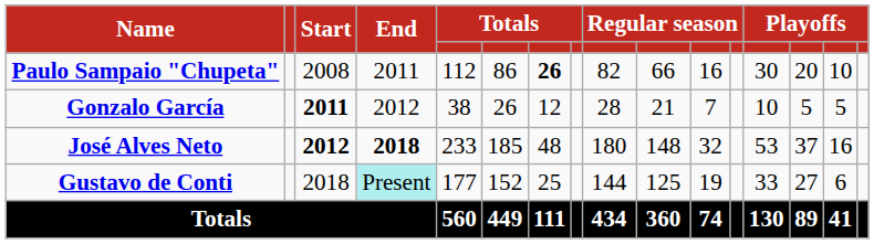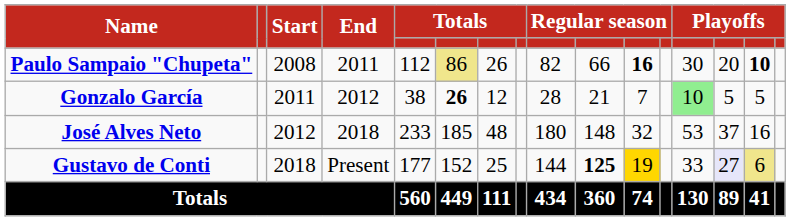 <table class="wikitable" style="clear:both; margin:1.5em auto; text-align:center;">
 <tr>
 <th style="background:#C3281E; color:white;" rowspan="2">Name</th>
 <th style="background:#C3281E; color:white;" rowspan="2"></th>
 <th style="background:#C3281E; color:white;" rowspan="2">Start</th>
 <th style="background:#C3281E; color:white;" rowspan="2">End</th>
 <th style="background:#C3281E; color:white;" colspan="4">Totals</th>
 <th style="background:#C3281E; color:white;" colspan="4">Regular season</th>
 <th style="background:#C3281E; color:white;" colspan="4">Playoffs</th>
 </tr>
 <tr>
 <th style="background:#C3281E; color:white;"></th>
 <th style="background:#C3281E; color:white;"></th>
 <th style="background:#C3281E; color:white;"></th>
 <th style="background:#C3281E; color:white;"></th>
 <th style="background:#C3281E; color:white;"></th>
 <th style="background:#C3281E; color:white;"></th>
 <th style="background:#C3281E; color:white;"></th>
 <th style="background:#C3281E; color:white;"></th>
 <th style="background:#C3281E; color:white;"></th>
 <th style="background:#C3281E; color:white;"></th>
 <th style="background:#C3281E; color:white;"></th>
 <th style="background:#C3281E; color:white;"></th>
 </tr>
 <tr>
 <td><strong><a href='#'>Paulo Sampaio "Chupeta"</a></strong></td>
 <td></td>
 <td>2008</td>
 <td>2011</td>
 <td>112</td>
-<td>86</td>
-<td><strong>26</strong></td>
+<td style="background: khaki;">86</td>
+<td>26</td>
 <td></td>
 <td>82</td>
 <td>66</td>
-<td>16</td>
+<td><strong>16</strong></td>
 <td></td>
 <td>30</td>
 <td>20</td>
-<td>10</td>
+<td><strong>10</strong></td>
 <td></td>
 </tr>
 <tr>
 <td><strong><a href='#'>Gonzalo García</a></strong></td>
 <td></td>
-<td><strong>2011</strong></td>
+<td>2011</td>
 <td>2012</td>
 <td>38</td>
-<td>26</td>
+<td><strong>26</strong></td>
 <td>12</td>
 <td></td>
 <td>28</td>
 <td>21</td>
 <td>7</td>
 <td></td>
-<td>10</td>
+<td style="background: lightgreen;">10</td>
 <td>5</td>
 <td>5</td>
 <td></td>
 </tr>
 <tr>
 <td><strong><a href='#'>José Alves Neto</a></strong></td>
 <td></td>
-<td><strong>2012</strong></td>
-<td><strong>2018</strong></td>
+<td>2012</td>
+<td>2018</td>
 <td>233</td>
 <td>185</td>
 <td>48</td>
 <td></td>
 <td>180</td>
 <td>148</td>
 <td>32</td>
 <td></td>
 <td>53</td>
 <td>37</td>
 <td>16</td>
 <td></td>
 </tr>
 <tr>
 <td><strong><a href='#'>Gustavo de Conti</a></strong></td>
 <td></td>
 <td>2018</td>
-<td style="background: paleturquoise;">Present</td>
+<td>Present</td>
 <td>177</td>
 <td>152</td>
 <td>25</td>
 <td></td>
 <td>144</td>
-<td>125</td>
-<td>19</td>
+<td><strong>125</strong></td>
+<td style="background: gold;">19</td>
 <td></td>
 <td>33</td>
-<td>27</td>
-<td>6</td>
+<td style="background: lavender;">27</td>
+<td style="background: khaki;">6</td>
 <td></td>
 </tr>
 <tr>
 <th style="background:black; color:white;" colspan="4"><strong>Totals</strong></th>
 <th style="background:black; color:white;">560</th>
 <th style="background:black; color:white;">449</th>
 <th style="background:black; color:white;">111</th>
 <th style="background:black; color:white;"></th>
 <th style="background:black; color:white;">434</th>
 <th style="background:black; color:white;">360</th>
 <th style="background:black; color:white;">74</th>
 <th style="background:black; color:white;"></th>
 <th style="background:black; color:white;">130</th>
 <th style="background:black; color:white;">89</th>
 <th style="background:black; color:white;">41</th>
 <th style="background:black; color:white;"></th>
 </tr>
 </table>
